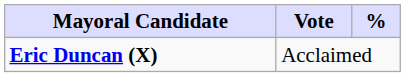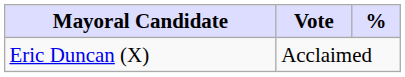 <table class="wikitable">
 <tr>
 <th style="background:#ddf; width:200px;">Mayoral Candidate</th>
 <th style="background:#ddf; width:50px;">Vote</th>
 <th style="background:#ddf; width:30px;">%</th>
 </tr>
 <tr>
-<td><strong><a href='#'>Eric Duncan</a> (X)</strong></td>
+<td><a href='#'>Eric Duncan</a> (X)</td>
 <td colspan="2">Acclaimed</td>
 </tr>
 </table>
